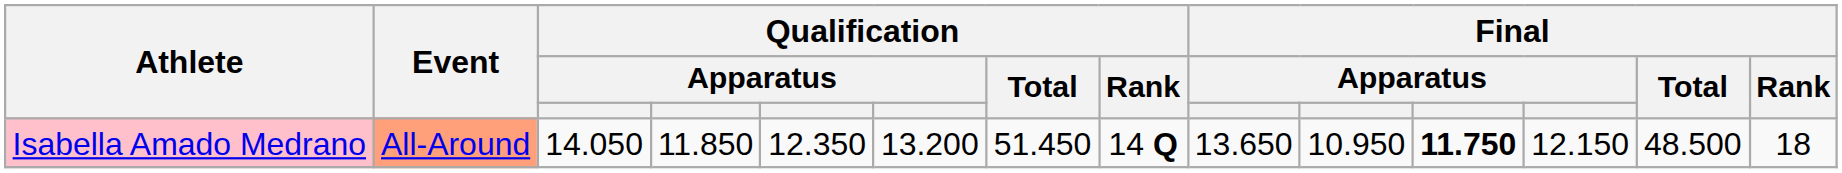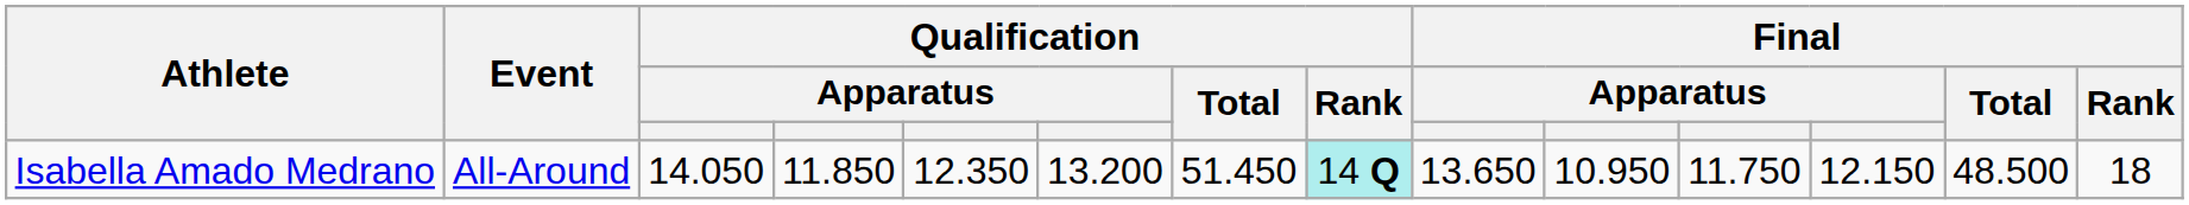 <table class="wikitable" style="font-size:90%">
 <tr>
 <th rowspan=3>Athlete</th>
 <th rowspan=3>Event</th>
 <th colspan =6>Qualification</th>
 <th colspan =6>Final</th>
 </tr>
 <tr style="font-size:95%">
 <th colspan=4>Apparatus</th>
 <th rowspan=2>Total</th>
 <th rowspan=2>Rank</th>
 <th colspan=4>Apparatus</th>
 <th rowspan=2>Total</th>
 <th rowspan=2>Rank</th>
 </tr>
 <tr style="font-size:95%">
 <th></th>
 <th></th>
 <th></th>
 <th></th>
 <th></th>
 <th></th>
 <th></th>
 <th></th>
 </tr>
 <tr align=center>
-<td align=left style="background: pink;"><a href='#'>Isabella Amado Medrano</a></td>
-<td align=left style="background: lightsalmon;"><a href='#'>All-Around</a></td>
+<td align=left><a href='#'>Isabella Amado Medrano</a></td>
+<td align=left><a href='#'>All-Around</a></td>
 <td>14.050</td>
 <td>11.850</td>
 <td>12.350</td>
 <td>13.200</td>
 <td>51.450</td>
-<td>14 <strong>Q</strong></td>
+<td style="background: paleturquoise;">14 <strong>Q</strong></td>
 <td>13.650</td>
 <td>10.950</td>
-<td><strong>11.750</strong></td>
+<td>11.750</td>
 <td>12.150</td>
 <td>48.500</td>
 <td>18</td>
 </tr>
 </table>
